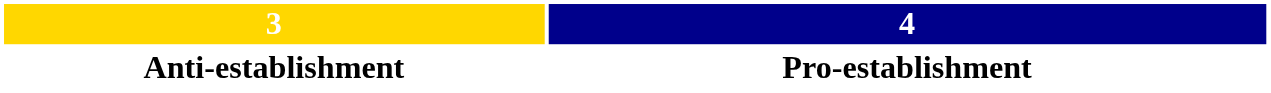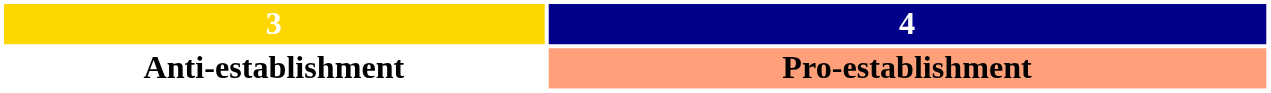 <table style="width:50%; text-align:center;">
 <tr style="color:white;">
 <td style="background:gold; width:42.9%;"><strong>3</strong></td>
 <td style="background:darkblue; width:57.1%;"><strong>4</strong></td>
 </tr>
 <tr>
 <td><span><strong>Anti-establishment</strong></span></td>
-<td><span><strong>Pro-establishment</strong></span></td>
+<td style="background: lightsalmon;"><span><strong>Pro-establishment</strong></span></td>
 </tr>
 </table>
